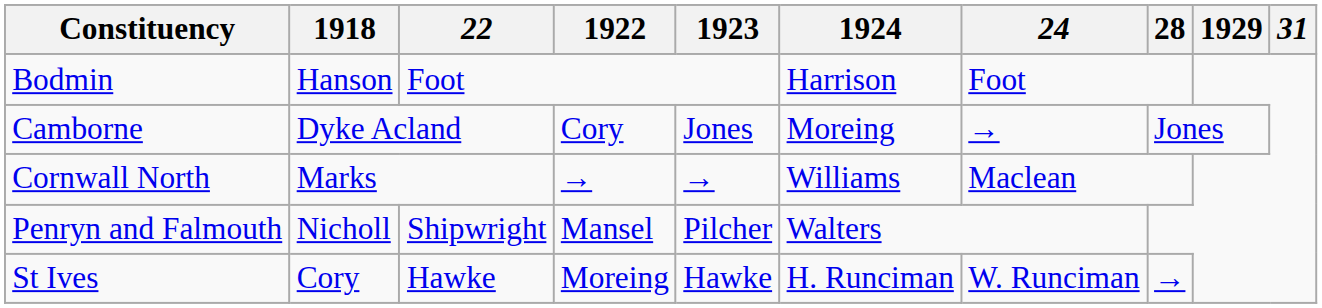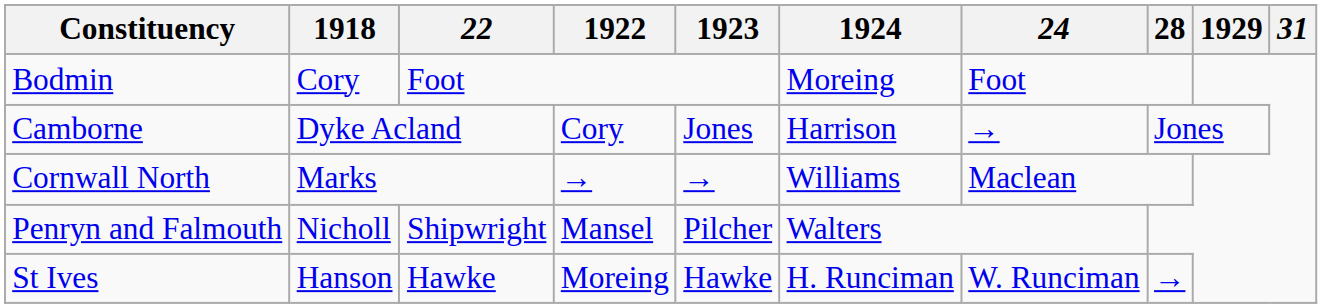 <table class="wikitable">
 <tr>
 <th>Constituency</th>
 <th>1918</th>
 <th><em>22</em></th>
 <th>1922</th>
 <th>1923</th>
 <th>1924</th>
 <th><em>24</em></th>
 <th>28</th>
 <th>1929</th>
 <th><em>31</em></th>
 </tr>
 <tr>
 <td><a href='#'>Bodmin</a></td>
-<td><a href='#'>Hanson</a></td>
+<td><a href='#'>Cory</a></td>
 <td colspan="3"><a href='#'>Foot</a></td>
-<td><a href='#'>Harrison</a></td>
+<td><a href='#'>Moreing</a></td>
 <td colspan="2"><a href='#'>Foot</a></td>
 </tr>
 <tr>
 <td><a href='#'>Camborne</a></td>
 <td colspan="2"><a href='#'>Dyke Acland</a></td>
 <td bgcolor=><a href='#'>Cory</a></td>
 <td><a href='#'>Jones</a></td>
-<td><a href='#'>Moreing</a></td>
+<td><a href='#'>Harrison</a></td>
 <td><a href='#'>→</a></td>
 <td colspan="2"><a href='#'>Jones</a></td>
 </tr>
 <tr>
 <td><a href='#'>Cornwall North</a></td>
 <td colspan="2"><a href='#'>Marks</a></td>
 <td><a href='#'>→</a></td>
 <td bgcolor=><a href='#'>→</a></td>
 <td><a href='#'>Williams</a></td>
 <td colspan="2"><a href='#'>Maclean</a></td>
 </tr>
 <tr>
 <td><a href='#'>Penryn and Falmouth</a></td>
 <td><a href='#'>Nicholl</a></td>
 <td><a href='#'>Shipwright</a></td>
 <td bgcolor=><a href='#'>Mansel</a></td>
 <td><a href='#'>Pilcher</a></td>
 <td colspan="2"><a href='#'>Walters</a></td>
 </tr>
 <tr>
 <td><a href='#'>St Ives</a></td>
-<td><a href='#'>Cory</a></td>
+<td><a href='#'>Hanson</a></td>
 <td><a href='#'>Hawke</a></td>
 <td><a href='#'>Moreing</a></td>
 <td><a href='#'>Hawke</a></td>
 <td bgcolor=><a href='#'>H. Runciman</a></td>
 <td><a href='#'>W. Runciman</a></td>
 <td><a href='#'>→</a></td>
 </tr>
 </table>
